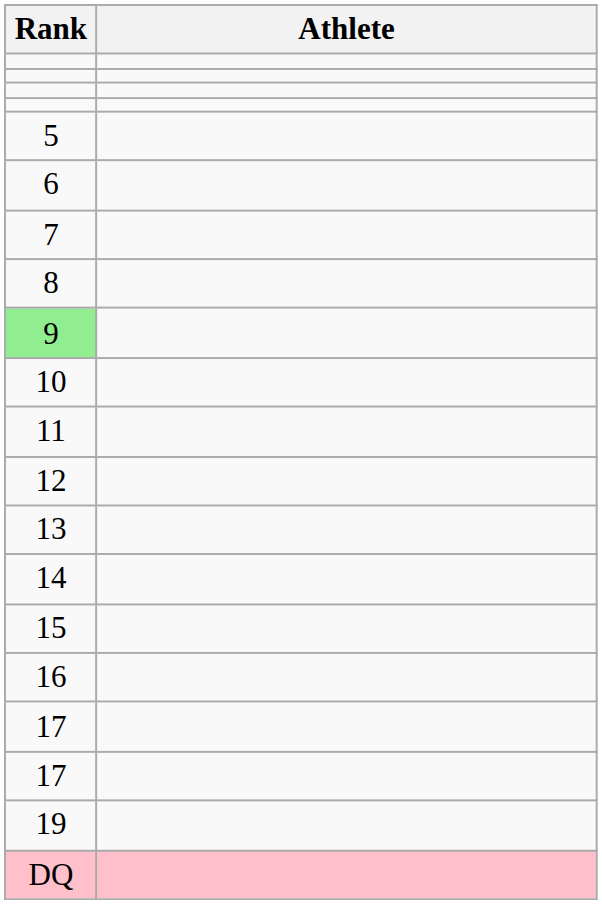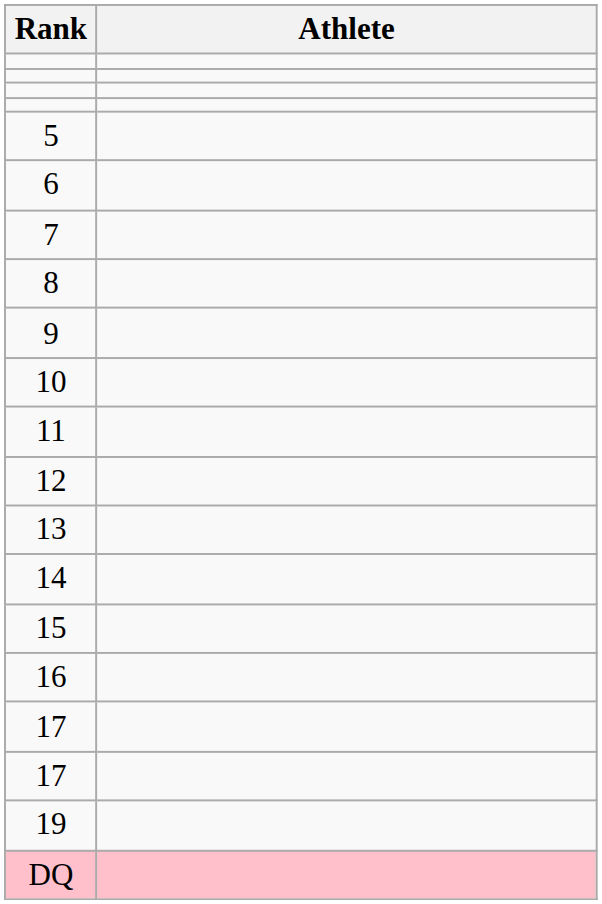 <table class="wikitable" style="text-align: center;">
 <tr>
 <th width=40>Rank</th>
 <th width=250>Athlete</th>
 </tr>
 <tr>
 <td></td>
 <td align="left"></td>
 </tr>
 <tr>
 <td></td>
 <td align="left"></td>
 </tr>
 <tr>
 <td></td>
 <td align="left"></td>
 </tr>
 <tr>
 <td></td>
 <td align="left"></td>
 </tr>
 <tr>
 <td>5</td>
 <td align="left"></td>
 </tr>
 <tr>
 <td>6</td>
 <td align="left"></td>
 </tr>
 <tr>
 <td>7</td>
 <td align="left"></td>
 </tr>
 <tr>
 <td>8</td>
 <td align="left"></td>
 </tr>
 <tr>
-<td style="background: lightgreen;">9</td>
+<td>9</td>
 <td align="left"></td>
 </tr>
 <tr>
 <td>10</td>
 <td align="left"></td>
 </tr>
 <tr>
 <td>11</td>
 <td align="left"></td>
 </tr>
 <tr>
 <td>12</td>
 <td align="left"></td>
 </tr>
 <tr>
 <td>13</td>
 <td align="left"></td>
 </tr>
 <tr>
 <td>14</td>
 <td align="left"></td>
 </tr>
 <tr>
 <td>15</td>
 <td align="left"></td>
 </tr>
 <tr>
 <td>16</td>
 <td align="left"></td>
 </tr>
 <tr>
 <td>17</td>
 <td align="left"></td>
 </tr>
 <tr>
 <td>17</td>
 <td align="left"></td>
 </tr>
 <tr>
 <td>19</td>
 <td align="left"></td>
 </tr>
 <tr bgcolor=pink>
 <td>DQ</td>
 <td align="left"></td>
 </tr>
 </table>
